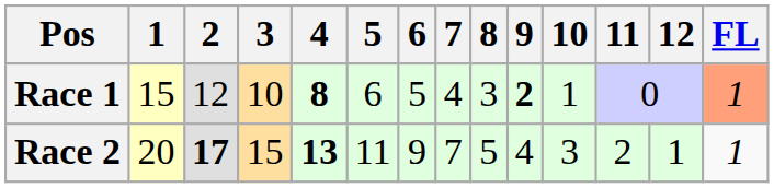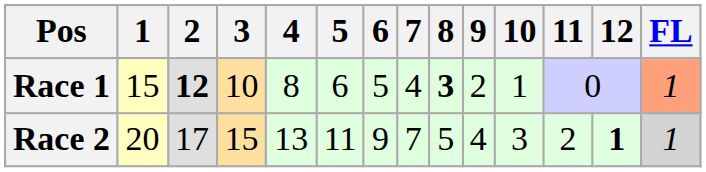 <table class="wikitable">
 <tr>
 <th>Pos</th>
 <th>1</th>
 <th>2</th>
 <th>3</th>
 <th>4</th>
 <th>5</th>
 <th>6</th>
 <th>7</th>
 <th>8</th>
 <th>9</th>
 <th>10</th>
 <th>11</th>
 <th>12</th>
 <th><a href='#'>FL</a></th>
 </tr>
 <tr align="center">
 <th>Race 1</th>
 <td style="background:#FFFFBF;">15</td>
-<td style="background:#DFDFDF;">12</td>
+<td style="background:#DFDFDF;"><strong>12</strong></td>
 <td style="background:#FFDF9F;">10</td>
-<td style="background:#DFFFDF;"><strong>8</strong></td>
+<td style="background:#DFFFDF;">8</td>
 <td style="background:#DFFFDF;">6</td>
 <td style="background:#DFFFDF;">5</td>
 <td style="background:#DFFFDF;">4</td>
-<td style="background:#DFFFDF;">3</td>
-<td style="background:#DFFFDF;"><strong>2</strong></td>
+<td style="background:#DFFFDF;"><strong>3</strong></td>
+<td style="background:#DFFFDF;">2</td>
 <td style="background:#DFFFDF;">1</td>
 <td style="background:#CFCFFF;" colspan=2>0</td>
 <td style="background: lightsalmon;"><em>1</em></td>
 </tr>
 <tr align="center">
 <th>Race 2</th>
 <td style="background:#FFFFBF;">20</td>
-<td style="background:#DFDFDF;"><strong>17</strong></td>
+<td style="background:#DFDFDF;">17</td>
 <td style="background:#FFDF9F;">15</td>
-<td style="background:#DFFFDF;"><strong>13</strong></td>
+<td style="background:#DFFFDF;">13</td>
 <td style="background:#DFFFDF;">11</td>
 <td style="background:#DFFFDF;">9</td>
 <td style="background:#DFFFDF;">7</td>
 <td style="background:#DFFFDF;">5</td>
 <td style="background:#DFFFDF;">4</td>
 <td style="background:#DFFFDF;">3</td>
 <td style="background:#DFFFDF;">2</td>
-<td style="background:#DFFFDF;">1</td>
-<td><em>1</em></td>
+<td style="background:#DFFFDF;"><strong>1</strong></td>
+<td style="background: lightgrey;"><em>1</em></td>
 </tr>
 </table>
